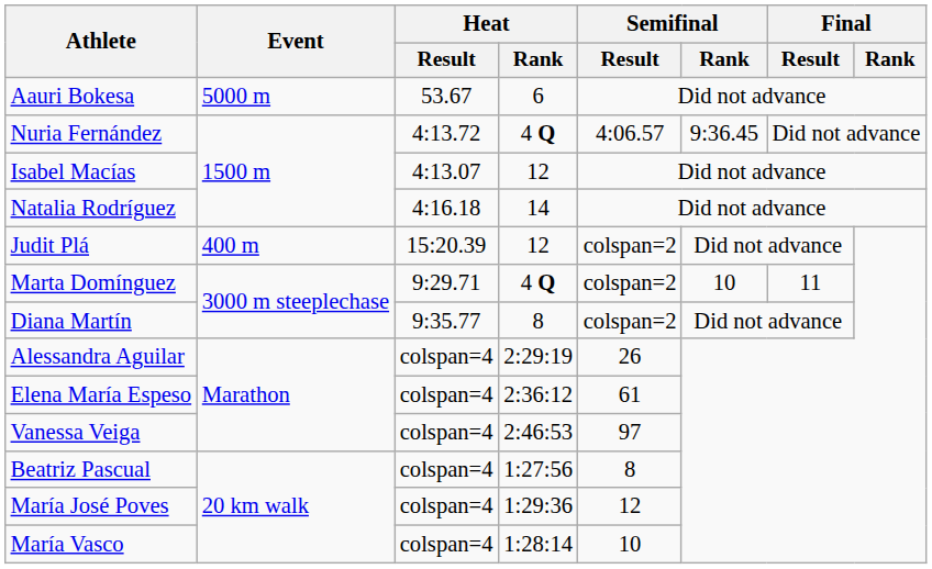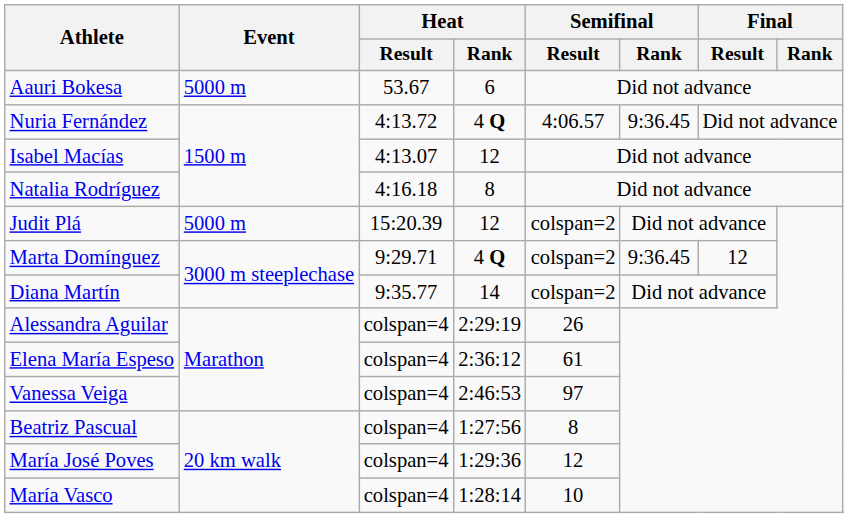 <table class="wikitable" style="font-size:90%">
 <tr>
 <th rowspan="2">Athlete</th>
 <th rowspan="2">Event</th>
 <th colspan="2">Heat</th>
 <th colspan="2">Semifinal</th>
 <th colspan="2">Final</th>
 </tr>
 <tr style="font-size:95%">
 <th>Result</th>
 <th>Rank</th>
 <th>Result</th>
 <th>Rank</th>
 <th>Result</th>
 <th>Rank</th>
 </tr>
 <tr align=center>
 <td align=left><a href='#'>Aauri Bokesa</a></td>
 <td align=left><a href='#'>5000 m</a></td>
 <td>53.67</td>
 <td>6</td>
 <td colspan=4>Did not advance</td>
 </tr>
 <tr align=center>
 <td align=left><a href='#'>Nuria Fernández</a></td>
 <td align=left rowspan=3><a href='#'>1500 m</a></td>
 <td>4:13.72</td>
 <td>4 <strong>Q</strong></td>
 <td>4:06.57</td>
 <td>9:36.45</td>
 <td colspan=2>Did not advance</td>
 </tr>
 <tr align=center>
 <td align=left><a href='#'>Isabel Macías</a></td>
 <td>4:13.07</td>
 <td>12</td>
 <td colspan=4>Did not advance</td>
 </tr>
 <tr align=center>
 <td align=left><a href='#'>Natalia Rodríguez</a></td>
 <td>4:16.18</td>
-<td>14</td>
+<td>8</td>
 <td colspan=4>Did not advance</td>
 </tr>
 <tr align=center>
 <td align=left><a href='#'>Judit Plá</a></td>
-<td align=left><a href='#'>400 m</a></td>
+<td align=left><a href='#'>5000 m</a></td>
 <td>15:20.39</td>
 <td>12</td>
 <td>colspan=2 </td>
 <td colspan=2>Did not advance</td>
 </tr>
 <tr align=center>
 <td align=left><a href='#'>Marta Domínguez</a></td>
 <td align=left rowspan=2><a href='#'>3000 m steeplechase</a></td>
 <td>9:29.71</td>
 <td>4 <strong>Q</strong></td>
 <td>colspan=2 </td>
-<td>10</td>
-<td>11</td>
+<td>9:36.45</td>
+<td>12</td>
 </tr>
 <tr align=center>
 <td align=left><a href='#'>Diana Martín</a></td>
 <td>9:35.77</td>
-<td>8</td>
+<td>14</td>
 <td>colspan=2 </td>
 <td colspan=2>Did not advance</td>
 </tr>
 <tr align=center>
 <td align=left><a href='#'>Alessandra Aguilar</a></td>
 <td align=left rowspan=3><a href='#'>Marathon</a></td>
 <td>colspan=4 </td>
 <td>2:29:19</td>
 <td>26</td>
 </tr>
 <tr align=center>
 <td align=left><a href='#'>Elena María Espeso</a></td>
 <td>colspan=4 </td>
 <td>2:36:12</td>
 <td>61</td>
 </tr>
 <tr align=center>
 <td align=left><a href='#'>Vanessa Veiga</a></td>
 <td>colspan=4 </td>
 <td>2:46:53</td>
 <td>97</td>
 </tr>
 <tr align=center>
 <td align=left><a href='#'>Beatriz Pascual</a></td>
 <td align=left rowspan=3><a href='#'>20 km walk</a></td>
 <td>colspan=4 </td>
 <td>1:27:56</td>
 <td>8</td>
 </tr>
 <tr align=center>
 <td align=left><a href='#'>María José Poves</a></td>
 <td>colspan=4 </td>
 <td>1:29:36</td>
 <td>12</td>
 </tr>
 <tr align=center>
 <td align=left><a href='#'>María Vasco</a></td>
 <td>colspan=4 </td>
 <td>1:28:14</td>
 <td>10</td>
 </tr>
 </table>
